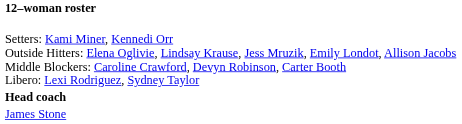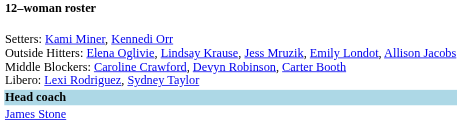 <table style="text-align: left; margin-top: 2em; margin-left: auto; margin-right: auto">
 <tr>
 <td><strong>12–woman roster</strong></td>
 </tr>
 <tr>
 <td><br>Setters: <a href='#'>Kami Miner</a>, <a href='#'>Kennedi Orr</a><br> Outside Hitters: <a href='#'>Elena Oglivie</a>, <a href='#'>Lindsay Krause</a>, <a href='#'>Jess Mruzik</a>, <a href='#'>Emily Londot</a>, <a href='#'>Allison Jacobs</a><br> Middle Blockers: <a href='#'>Caroline Crawford</a>, <a href='#'>Devyn Robinson</a>, <a href='#'>Carter Booth</a><br> Libero: <a href='#'>Lexi Rodriguez</a>, <a href='#'>Sydney Taylor</a></td>
 </tr>
 <tr>
-<td><strong>Head coach</strong></td>
+<td style="background: lightblue;"><strong>Head coach</strong></td>
 </tr>
 <tr>
 <td><a href='#'>James Stone</a></td>
 </tr>
 </table>
